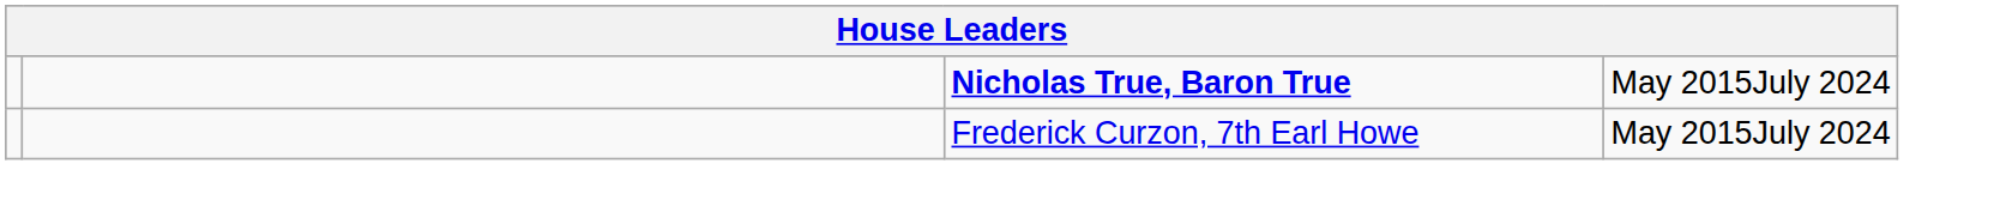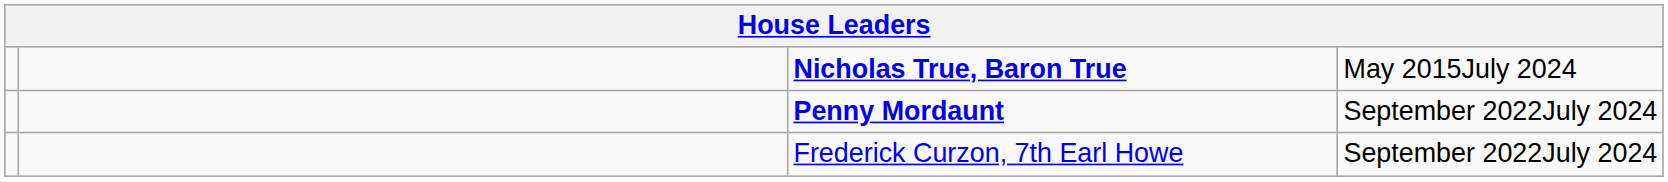 <table class="wikitable">
 <tr>
 <th colspan="4"><a href='#'>House Leaders</a></th>
 </tr>
 <tr>
 <td style="width: 1px; background: "></td>
 <td style="width: 450px;"></td>
 <td style="width: 320px;"><strong><a href='#'>Nicholas True, Baron True</a></strong></td>
 <td>May 2015July 2024</td>
 </tr>
 <tr>
+<td rowspan=1 style="width: 1px; background: "></td>
+<td rowspan=1 style="width: 450px;"></td>
+<td style="width: 320px;"><strong><a href='#'>Penny Mordaunt</a></strong></td>
+<td>September 2022July 2024</td>
+</tr>
+<tr>
 <td style="width: 1px; background: "></td>
 <td></td>
 <td style="width: 320px;"><a href='#'>Frederick Curzon, 7th Earl Howe</a> </td>
-<td>May 2015July 2024</td>
+<td>September 2022July 2024</td>
 </tr>
 </table>
